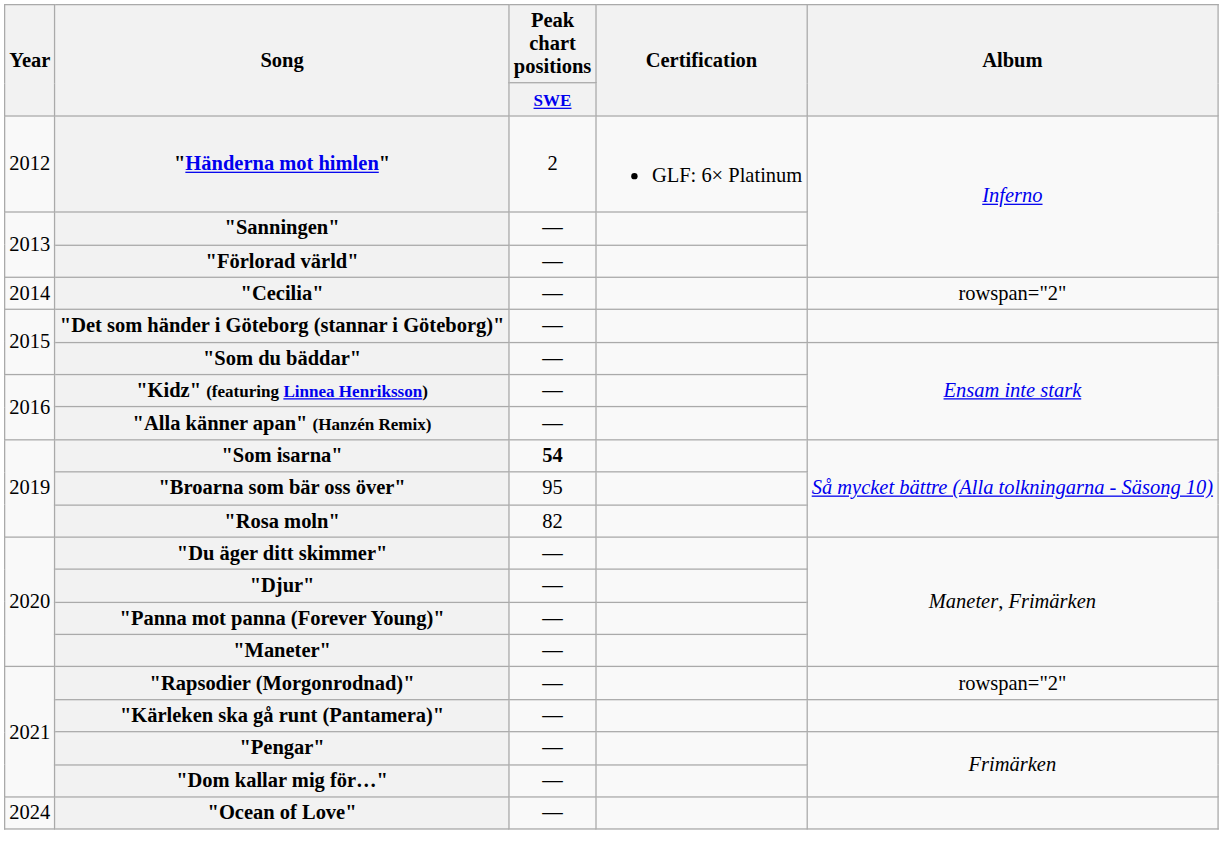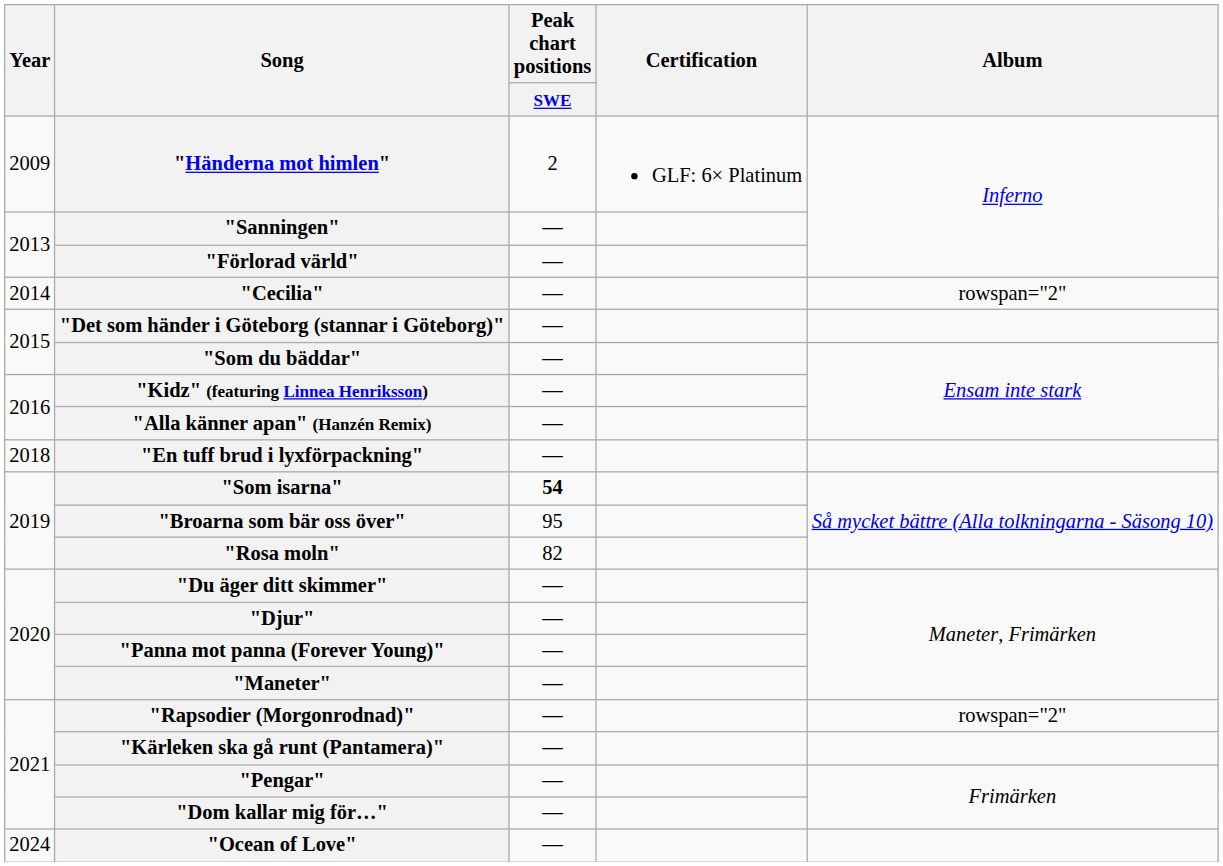 <table class="wikitable plainrowheaders" style="text-align:center;">
 <tr>
 <th scope="col" rowspan="2">Year</th>
 <th scope="col" rowspan="2">Song</th>
 <th scope="col" colspan="1">Peak chart positions</th>
 <th scope="col" rowspan="2">Certification</th>
 <th scope="col" rowspan="2">Album</th>
 </tr>
 <tr>
 <th width="30"><small><a href='#'>SWE</a></small><br></th>
 </tr>
 <tr>
-<td>2012</td>
+<td>2009</td>
 <th scope="row">"<a href='#'>Händerna mot himlen</a>"</th>
 <td>2</td>
 <td><br><ul><li>GLF: 6× Platinum</li></ul></td>
 <td rowspan="3"><em><a href='#'>Inferno</a></em></td>
 </tr>
 <tr>
 <td rowspan="2">2013</td>
 <th scope="row">"Sanningen"</th>
 <td>—</td>
 <td></td>
 </tr>
 <tr>
 <th scope="row">"Förlorad värld"</th>
 <td>—</td>
 </tr>
 <tr>
 <td>2014</td>
 <th scope="row">"Cecilia"</th>
 <td>—</td>
 <td></td>
 <td>rowspan="2" </td>
 </tr>
 <tr>
 <td rowspan="2">2015</td>
 <th scope="row">"Det som händer i Göteborg (stannar i Göteborg)"</th>
 <td>—</td>
 <td></td>
 </tr>
 <tr>
 <th scope="row">"Som du bäddar"</th>
 <td>—</td>
 <td></td>
 <td rowspan="3"><em><a href='#'>Ensam inte stark</a></em></td>
 </tr>
 <tr>
 <td rowspan="2">2016</td>
 <th scope="row">"Kidz" <small>(featuring <a href='#'>Linnea Henriksson</a>)</small></th>
 <td>—</td>
 <td></td>
 </tr>
 <tr>
 <th scope="row">"Alla känner apan" <small>(Hanzén Remix)</small></th>
 <td>—</td>
+</tr>
+<tr>
+<td>2018</td>
+<th scope="row">"En tuff brud i lyxförpackning"</th>
+<td>—</td>
+<td></td>
+<td></td>
 </tr>
 <tr>
 <td rowspan="3">2019</td>
 <th scope="row">"Som isarna"</th>
 <td><strong>54</strong></td>
 <td></td>
 <td rowspan="3"><em><a href='#'>Så mycket bättre (Alla tolkningarna - Säsong 10)</a></em></td>
 </tr>
 <tr>
 <th scope="row">"Broarna som bär oss över"</th>
 <td>95</td>
 <td></td>
 </tr>
 <tr>
 <th scope="row">"Rosa moln"</th>
 <td>82</td>
 <td></td>
 </tr>
 <tr>
 <td rowspan="4">2020</td>
 <th scope="row">"Du äger ditt skimmer"</th>
 <td>—</td>
 <td></td>
 <td rowspan="4"><em>Maneter</em>, <em>Frimärken</em></td>
 </tr>
 <tr>
 <th scope="row">"Djur"</th>
 <td>—</td>
 <td></td>
 </tr>
 <tr>
 <th scope="row">"Panna mot panna (Forever Young)"</th>
 <td>—</td>
 <td></td>
 </tr>
 <tr>
 <th scope="row">"Maneter"</th>
 <td>—</td>
 <td></td>
 </tr>
 <tr>
 <td rowspan="4">2021</td>
 <th scope="row">"Rapsodier (Morgonrodnad)"</th>
 <td>—</td>
 <td></td>
 <td>rowspan="2" </td>
 </tr>
 <tr>
 <th scope="row">"Kärleken ska gå runt (Pantamera)"</th>
 <td>—</td>
 <td></td>
 </tr>
 <tr>
 <th scope="row">"Pengar"</th>
 <td>—</td>
 <td></td>
 <td rowspan="2"><em>Frimärken</em></td>
 </tr>
 <tr>
 <th scope="row">"Dom kallar mig för…"</th>
 <td>—</td>
 <td></td>
 </tr>
 <tr>
 <td>2024</td>
 <th scope="row">"Ocean of Love"</th>
 <td>—</td>
 <td></td>
 </tr>
 </table>
